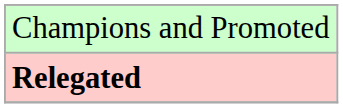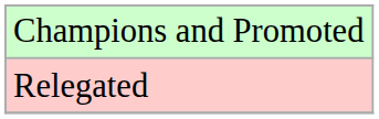 <table class="wikitable">
 <tr width=10px bgcolor="#ccffcc">
 <td>Champions and Promoted</td>
 </tr>
 <tr width=10px bgcolor="#ffcccc">
-<td><strong>Relegated</strong></td>
+<td>Relegated</td>
 </tr>
 <tr>
 </tr>
 </table>
